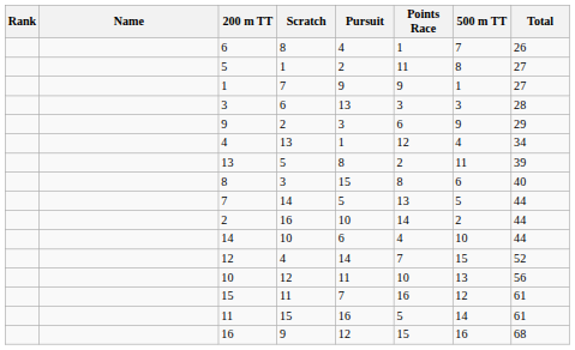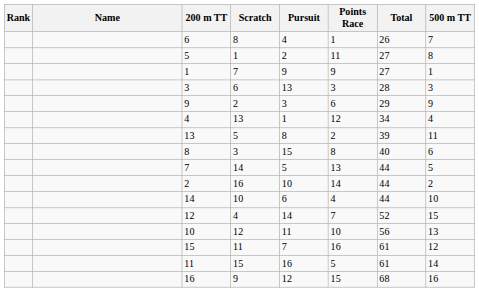 <table class="wikitable sortable">
 <tr>
 <th width=20>Rank</th>
 <th width=230 class="unsortable">Name</th>
 <th width=70>200 m TT</th>
 <th width=70>Scratch</th>
 <th width=70>Pursuit</th>
 <th width=70>Points Race</th>
+<th width=70>Total</th>
 <th width=70>500 m TT</th>
-<th width=70>Total</th>
 </tr>
 <tr>
 <td align=center></td>
 <td></td>
 <td>6</td>
 <td>8</td>
 <td>4</td>
 <td>1</td>
+<td>26</td>
 <td>7</td>
-<td>26</td>
 </tr>
 <tr>
 <td align=center></td>
 <td></td>
 <td>5</td>
 <td>1</td>
 <td>2</td>
 <td>11</td>
+<td>27</td>
 <td>8</td>
-<td>27</td>
 </tr>
 <tr>
 <td align=center></td>
 <td></td>
 <td>1</td>
 <td>7</td>
 <td>9</td>
 <td>9</td>
+<td>27</td>
 <td>1</td>
-<td>27</td>
 </tr>
 <tr>
 <td align=center></td>
 <td></td>
 <td>3</td>
 <td>6</td>
 <td>13</td>
 <td>3</td>
+<td>28</td>
 <td>3</td>
-<td>28</td>
 </tr>
 <tr>
 <td align=center></td>
 <td></td>
 <td>9</td>
 <td>2</td>
 <td>3</td>
 <td>6</td>
+<td>29</td>
 <td>9</td>
-<td>29</td>
 </tr>
 <tr>
 <td align=center></td>
 <td></td>
 <td>4</td>
 <td>13</td>
 <td>1</td>
 <td>12</td>
+<td>34</td>
 <td>4</td>
-<td>34</td>
 </tr>
 <tr>
 <td align=center></td>
 <td></td>
 <td>13</td>
 <td>5</td>
 <td>8</td>
 <td>2</td>
+<td>39</td>
 <td>11</td>
-<td>39</td>
 </tr>
 <tr>
 <td align=center></td>
 <td></td>
 <td>8</td>
 <td>3</td>
 <td>15</td>
 <td>8</td>
+<td>40</td>
 <td>6</td>
-<td>40</td>
 </tr>
 <tr>
 <td align=center></td>
 <td></td>
 <td>7</td>
 <td>14</td>
 <td>5</td>
 <td>13</td>
+<td>44</td>
 <td>5</td>
-<td>44</td>
 </tr>
 <tr>
 <td align=center></td>
 <td></td>
 <td>2</td>
 <td>16</td>
 <td>10</td>
 <td>14</td>
+<td>44</td>
 <td>2</td>
-<td>44</td>
 </tr>
 <tr>
 <td align=center></td>
 <td></td>
 <td>14</td>
 <td>10</td>
 <td>6</td>
 <td>4</td>
+<td>44</td>
 <td>10</td>
-<td>44</td>
 </tr>
 <tr>
 <td align=center></td>
 <td></td>
 <td>12</td>
 <td>4</td>
 <td>14</td>
 <td>7</td>
+<td>52</td>
 <td>15</td>
-<td>52</td>
 </tr>
 <tr>
 <td align=center></td>
 <td></td>
 <td>10</td>
 <td>12</td>
 <td>11</td>
 <td>10</td>
+<td>56</td>
 <td>13</td>
-<td>56</td>
 </tr>
 <tr>
 <td align=center></td>
 <td></td>
 <td>15</td>
 <td>11</td>
 <td>7</td>
 <td>16</td>
+<td>61</td>
 <td>12</td>
-<td>61</td>
 </tr>
 <tr>
 <td align=center></td>
 <td></td>
 <td>11</td>
 <td>15</td>
 <td>16</td>
 <td>5</td>
+<td>61</td>
 <td>14</td>
-<td>61</td>
 </tr>
 <tr>
 <td align=center></td>
 <td></td>
 <td>16</td>
 <td>9</td>
 <td>12</td>
 <td>15</td>
+<td>68</td>
 <td>16</td>
-<td>68</td>
 </tr>
 </table>
